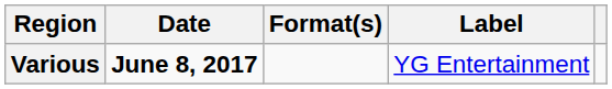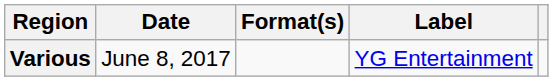 <table class="wikitable plainrowheaders">
 <tr>
 <th scope="col">Region</th>
 <th scope="col">Date</th>
 <th scope="col">Format(s)</th>
 <th scope="col">Label</th>
 <th scope="col"></th>
 </tr>
 <tr>
 <th scope="row">Various</th>
-<td><strong>June 8, 2017</strong></td>
+<td>June 8, 2017</td>
 <td></td>
 <td rowspan="2" scope="row"><a href='#'>YG Entertainment</a></td>
 <td align="center"></td>
 </tr>
 </table>
